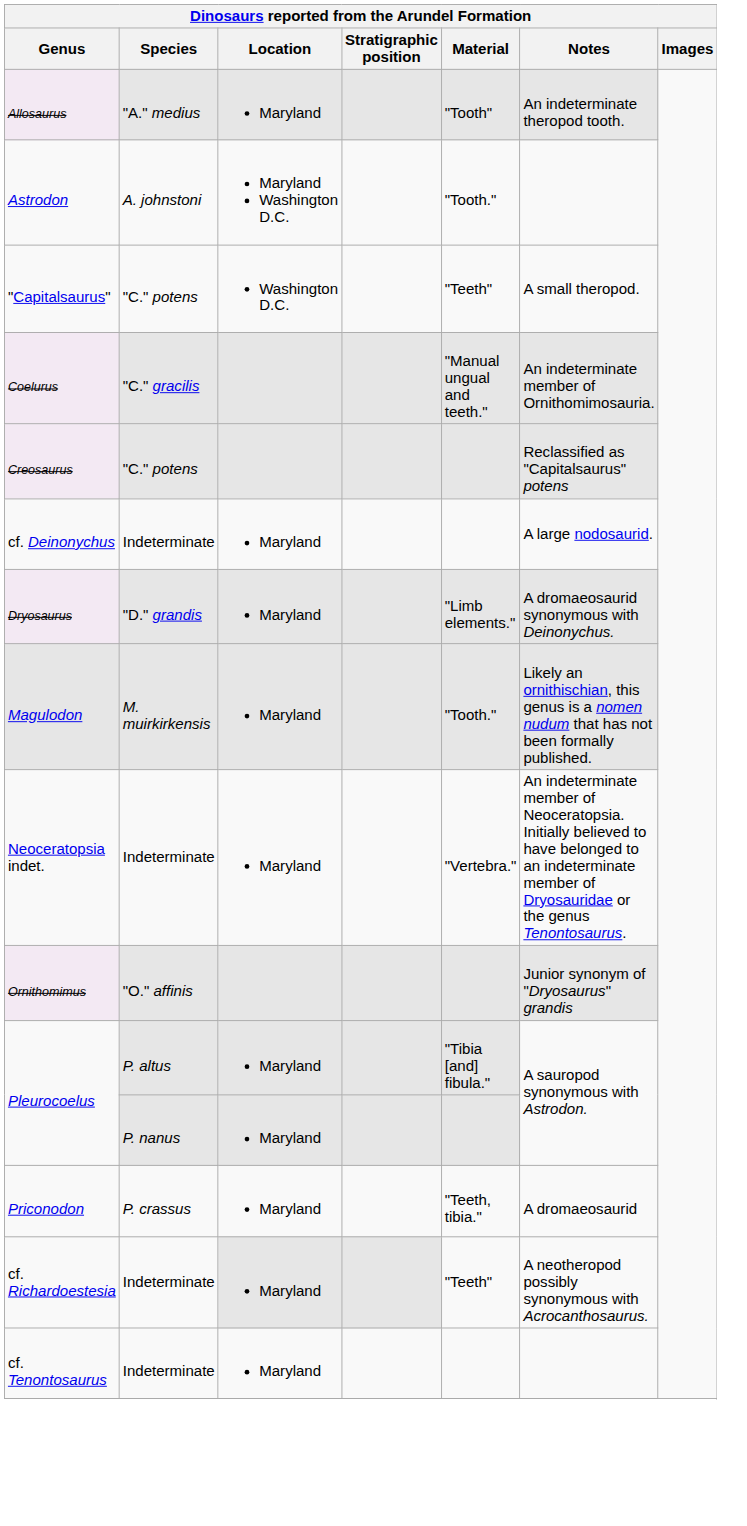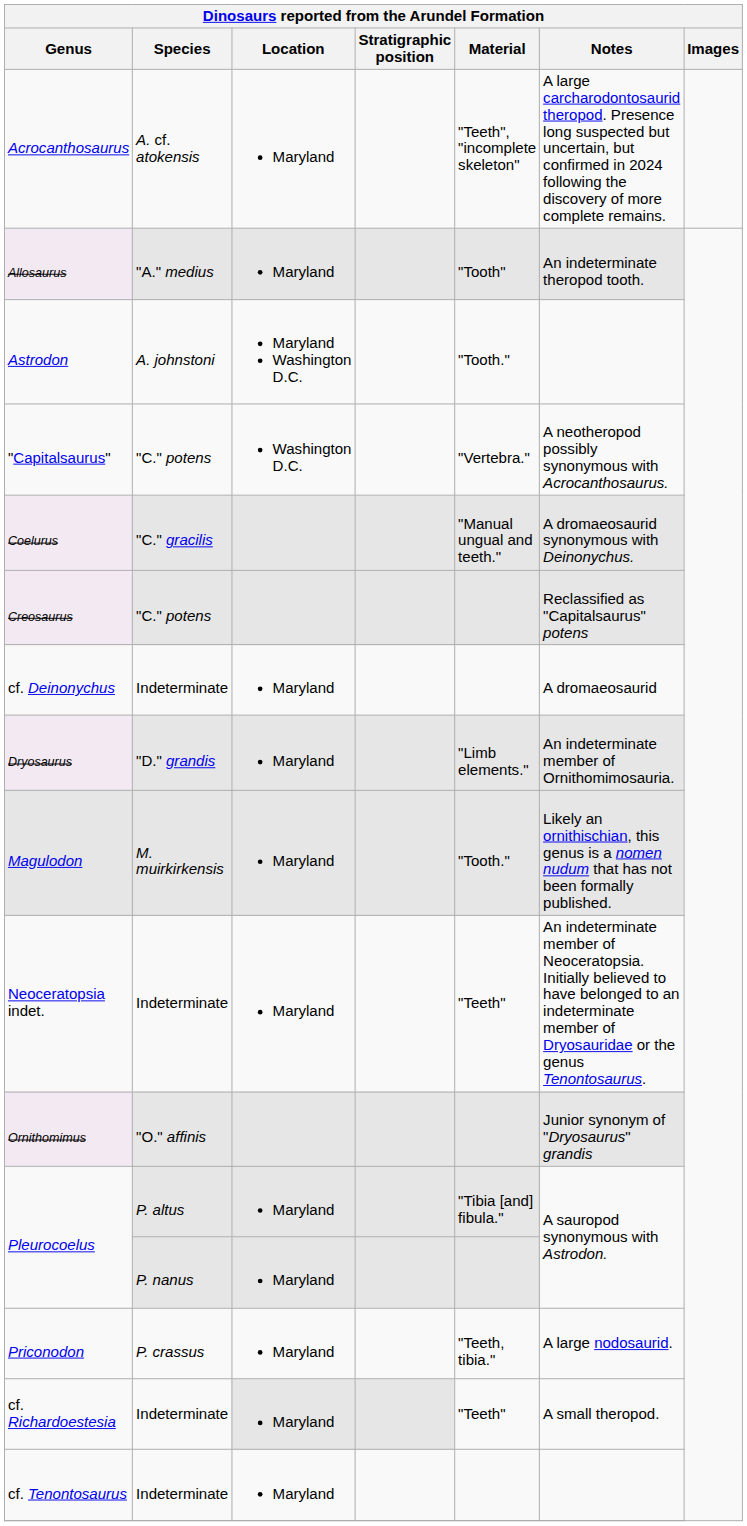 <table class="wikitable" align="center" width="100%">
 <tr>
 <th colspan="7" align="center"><strong><a href='#'>Dinosaurs</a> reported from the Arundel Formation</strong></th>
 </tr>
 <tr>
 <th>Genus</th>
 <th>Species</th>
 <th>Location</th>
 <th>Stratigraphic position</th>
 <th>Material</th>
 <th>Notes</th>
 <th>Images</th>
+</tr>
+<tr>
+<td><em><a href='#'>Acrocanthosaurus</a></em></td>
+<td><em>A.</em> cf. <em>atokensis</em></td>
+<td><br><ul><li>Maryland</li></ul></td>
+<td></td>
+<td>"Teeth", "incomplete skeleton"</td>
+<td>A large <a href='#'>carcharodontosaurid</a> <a href='#'>theropod</a>. Presence long suspected but uncertain, but confirmed in 2024 following the discovery of more complete remains.</td>
+<td></td>
 </tr>
 <tr>
 <td style="background:#f3e9f3;"><br><s><small><em>Allosaurus</em></small></s></td>
 <td style="background:#E6E6E6;"><br>"A." <em>medius</em></td>
 <td style="background:#E6E6E6;"><br><ul><li>Maryland</li></ul></td>
 <td style="background:#E6E6E6;"></td>
 <td style="background:#E6E6E6;"><br>"Tooth"</td>
 <td style="background:#E6E6E6;"><br>An indeterminate theropod tooth.</td>
 <td rowspan="102"><br>  </td>
 </tr>
 <tr>
 <td><br><em><a href='#'>Astrodon</a></em></td>
 <td><br><em>A. johnstoni</em></td>
 <td><br><ul><li>Maryland</li><li>Washington D.C.</li></ul></td>
 <td></td>
 <td><br>"Tooth."</td>
 <td></td>
 </tr>
 <tr>
 <td><br>"<a href='#'>Capitalsaurus</a>"</td>
 <td><br>"C." <em>potens</em></td>
 <td><br><ul><li>Washington D.C.</li></ul></td>
 <td></td>
-<td>"Teeth"</td>
-<td>A small theropod.</td>
+<td><br>"Vertebra."</td>
+<td><br>A neotheropod possibly synonymous with <em>Acrocanthosaurus.</em></td>
 </tr>
 <tr>
 <td style="background:#f3e9f3;"><br><s><small><em>Coelurus</em></small></s></td>
 <td style="background:#E6E6E6;"><br>"C." <em><a href='#'>gracilis</a></em></td>
 <td style="background:#E6E6E6;"></td>
 <td style="background:#E6E6E6;"></td>
 <td style="background:#E6E6E6;"><br>"Manual ungual and teeth."</td>
-<td style="background:#E6E6E6;"><br>An indeterminate member of Ornithomimosauria.</td>
+<td style="background:#E6E6E6;"><br>A dromaeosaurid synonymous with <em>Deinonychus.</em></td>
 </tr>
 <tr>
 <td style="background:#f3e9f3;"><br><s><small><em>Creosaurus</em></small></s></td>
 <td style="background:#E6E6E6;"><br>"C." <em>potens</em></td>
 <td style="background:#E6E6E6;"></td>
 <td style="background:#E6E6E6;"></td>
 <td style="background:#E6E6E6;"></td>
 <td style="background:#E6E6E6;"><br>Reclassified as "Capitalsaurus" <em>potens</em></td>
 </tr>
 <tr>
 <td><br>cf. <em><a href='#'>Deinonychus</a></em></td>
 <td><br>Indeterminate</td>
 <td><br><ul><li>Maryland</li></ul></td>
 <td></td>
 <td></td>
-<td>A large <a href='#'>nodosaurid</a>.</td>
+<td><br>A dromaeosaurid</td>
 </tr>
 <tr>
 <td style="background:#f3e9f3;"><br><s><small><em>Dryosaurus</em></small></s></td>
 <td style="background:#E6E6E6;"><br>"D." <em><a href='#'>grandis</a></em></td>
 <td style="background:#E6E6E6;"><br><ul><li>Maryland</li></ul></td>
 <td style="background:#E6E6E6;"></td>
 <td style="background:#E6E6E6;"><br>"Limb elements."</td>
-<td style="background:#E6E6E6;"><br>A dromaeosaurid synonymous with <em>Deinonychus.</em></td>
+<td style="background:#E6E6E6;"><br>An indeterminate member of Ornithomimosauria.</td>
 </tr>
 <tr>
 <td style="background:#E6E6E6;"><br><em><a href='#'>Magulodon</a></em></td>
 <td style="background:#E6E6E6;"><br><em>M. muirkirkensis</em></td>
 <td style="background:#E6E6E6;"><br><ul><li>Maryland</li></ul></td>
 <td style="background:#E6E6E6;"></td>
 <td style="background:#E6E6E6;"><br>"Tooth."</td>
 <td style="background:#E6E6E6;"><br>Likely an <a href='#'>ornithischian</a>, this genus is a <em><a href='#'>nomen nudum</a></em> that has  not been formally published.</td>
 </tr>
 <tr>
 <td><a href='#'>Neoceratopsia</a> indet.</td>
 <td>Indeterminate</td>
 <td><br><ul><li>Maryland</li></ul></td>
 <td></td>
-<td><br>"Vertebra."</td>
+<td>"Teeth"</td>
 <td>An indeterminate member of Neoceratopsia. Initially believed to have belonged to an indeterminate member of <a href='#'>Dryosauridae</a> or the genus <em><a href='#'>Tenontosaurus</a></em>.</td>
 </tr>
 <tr>
 <td style="background:#f3e9f3;"><br><s><small><em>Ornithomimus</em></small></s></td>
 <td style="background:#E6E6E6;"><br>"O." <em>affinis</em></td>
 <td style="background:#E6E6E6;"></td>
 <td style="background:#E6E6E6;"></td>
 <td style="background:#E6E6E6;"></td>
 <td style="background:#E6E6E6;"><br>Junior synonym of "<em>Dryosaurus</em>" <em>grandis</em></td>
 </tr>
 <tr>
 <td rowspan="2"><br><em><a href='#'>Pleurocoelus</a></em></td>
 <td style="background:#E6E6E6;"><br><em>P. altus</em></td>
 <td style="background:#E6E6E6;"><br><ul><li>Maryland</li></ul></td>
 <td style="background:#E6E6E6;"></td>
 <td style="background:#E6E6E6;"><br>"Tibia [and] fibula."</td>
 <td rowspan="2">A sauropod synonymous with <em>Astrodon.</em></td>
 </tr>
 <tr>
 <td style="background:#E6E6E6;"><br><em>P. nanus</em></td>
 <td style="background:#E6E6E6;"><br><ul><li>Maryland</li></ul></td>
 <td style="background:#E6E6E6;"></td>
 <td style="background:#E6E6E6;"></td>
 </tr>
 <tr>
 <td><br><em><a href='#'>Priconodon</a></em></td>
 <td><br><em>P. crassus</em></td>
 <td><br><ul><li>Maryland</li></ul></td>
 <td></td>
 <td><br>"Teeth, tibia."</td>
-<td><br>A dromaeosaurid</td>
+<td>A large <a href='#'>nodosaurid</a>.</td>
 </tr>
 <tr>
 <td>cf. <em><a href='#'>Richardoestesia</a></em></td>
 <td>Indeterminate<em></em></td>
 <td style="background:#E6E6E6;"><br><ul><li>Maryland<em></em></li></ul></td>
 <td style="background:#E6E6E6;"></td>
 <td>"Teeth"</td>
-<td><br>A neotheropod possibly synonymous with <em>Acrocanthosaurus.</em></td>
+<td>A small theropod.</td>
 </tr>
 <tr>
 <td><br>cf. <em><a href='#'>Tenontosaurus</a></em></td>
 <td><br>Indeterminate</td>
 <td><br><ul><li>Maryland</li></ul></td>
 <td></td>
 <td></td>
 <td></td>
 </tr>
 <tr>
 </tr>
 </table>
